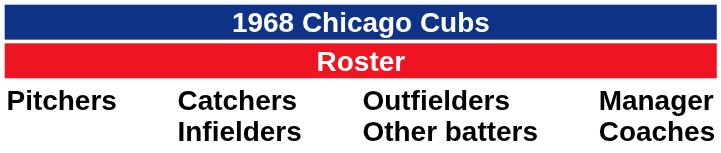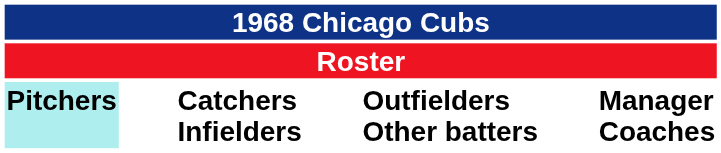 <table class="toccolours" style="font-size: 95%;">
 <tr>
 <th colspan="10" style="background-color: #0e3386; color: white; text-align: center;">1968 Chicago Cubs</th>
 </tr>
 <tr>
 <td colspan="10" style="background-color: #EE1422; color: white; text-align: center;"><strong>Roster</strong></td>
 </tr>
 <tr>
-<td valign="top"><strong>Pitchers</strong><br>                 </td>
+<td valign="top" style="background: paleturquoise;"><strong>Pitchers</strong><br>                 </td>
 <td width="25px"></td>
 <td valign="top"><strong>Catchers</strong><br>     <strong>Infielders</strong>         </td>
 <td width="25px"></td>
 <td valign="top"><strong>Outfielders</strong><br>         <strong>Other batters</strong> </td>
 <td width="25px"></td>
 <td valign="top"><strong>Manager</strong><br> <strong>Coaches</strong>    </td>
 </tr>
 <tr>
 </tr>
 </table>
